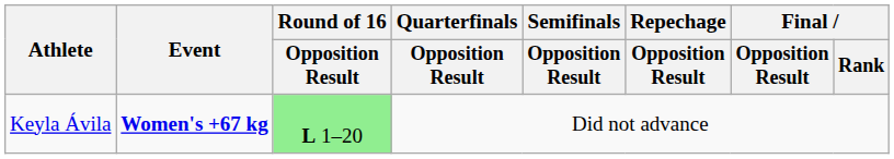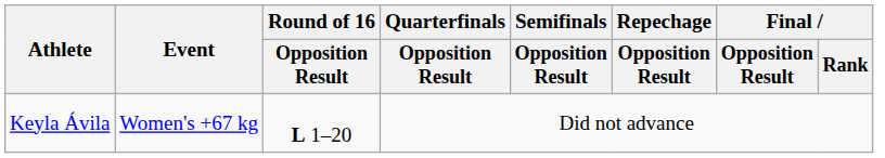 <table class="wikitable" style="font-size:90%;">
 <tr>
 <th rowspan=2>Athlete</th>
 <th rowspan=2>Event</th>
 <th>Round of 16</th>
 <th>Quarterfinals</th>
 <th>Semifinals</th>
 <th>Repechage</th>
 <th colspan=2>Final / </th>
 </tr>
 <tr style="font-size:95%">
 <th>Opposition<br>Result</th>
 <th>Opposition<br>Result</th>
 <th>Opposition<br>Result</th>
 <th>Opposition<br>Result</th>
 <th>Opposition<br>Result</th>
 <th>Rank</th>
 </tr>
 <tr align=center>
 <td align=left><a href='#'>Keyla Ávila</a></td>
-<td align=left><strong><a href='#'>Women's +67 kg</a></strong></td>
-<td style="background: lightgreen;"><br><strong>L</strong> 1–20</td>
+<td align=left><a href='#'>Women's +67 kg</a></td>
+<td><br><strong>L</strong> 1–20</td>
 <td colspan="5">Did not advance</td>
 </tr>
 </table>
